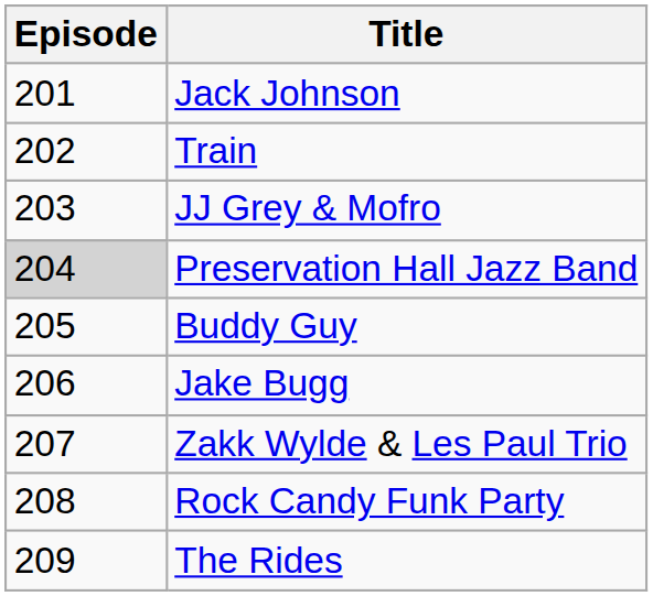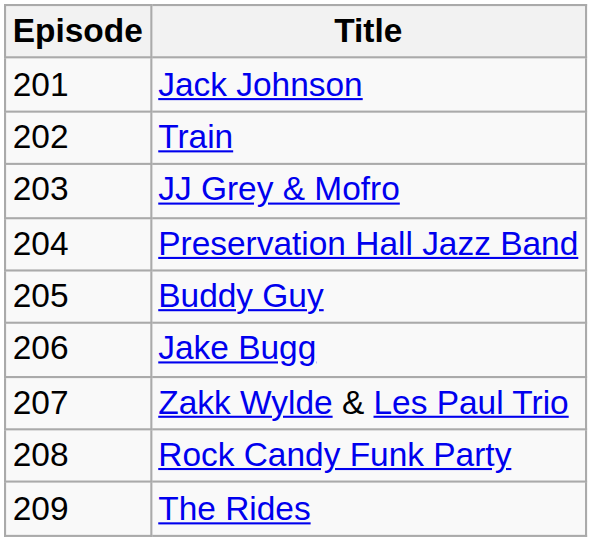 <table class = "wikitable">
 <tr>
 <th>Episode</th>
 <th>Title</th>
 </tr>
 <tr>
 <td>201</td>
 <td><a href='#'>Jack Johnson</a></td>
 </tr>
 <tr>
 <td>202</td>
 <td><a href='#'>Train</a></td>
 </tr>
 <tr>
 <td>203</td>
 <td><a href='#'>JJ Grey & Mofro</a></td>
 </tr>
 <tr>
-<td style="background: lightgrey;">204</td>
+<td>204</td>
 <td><a href='#'>Preservation Hall Jazz Band</a></td>
 </tr>
 <tr>
 <td>205</td>
 <td><a href='#'>Buddy Guy</a></td>
 </tr>
 <tr>
 <td>206</td>
 <td><a href='#'>Jake Bugg</a></td>
 </tr>
 <tr>
 <td>207</td>
 <td><a href='#'>Zakk Wylde</a> & <a href='#'>Les Paul Trio</a></td>
 </tr>
 <tr>
 <td>208</td>
 <td><a href='#'>Rock Candy Funk Party</a></td>
 </tr>
 <tr>
 <td>209</td>
 <td><a href='#'>The Rides</a></td>
 </tr>
 </table>
